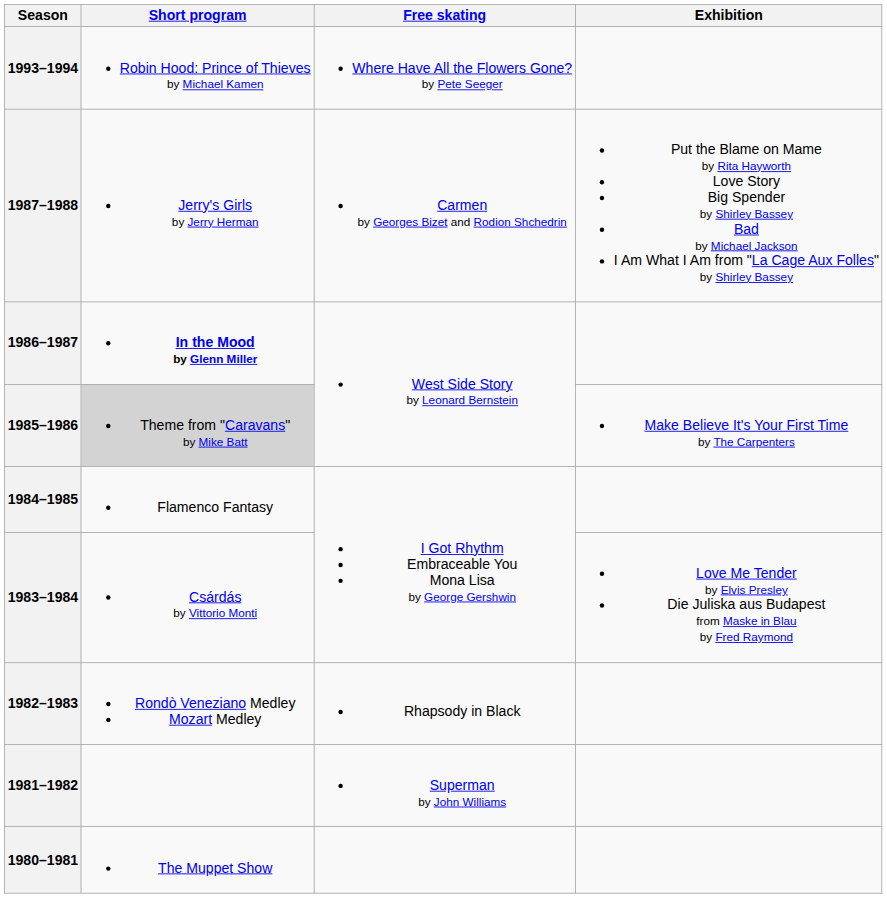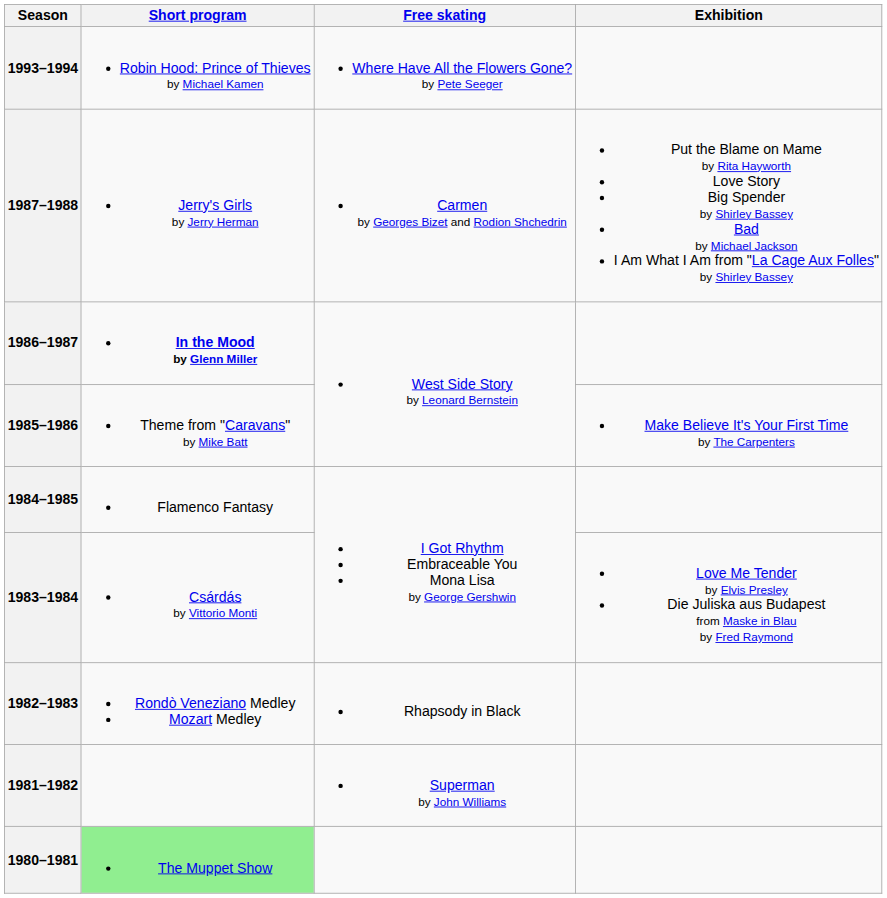 <table class="wikitable" style="text-align:center">
 <tr>
 <th>Season</th>
 <th><a href='#'>Short program</a></th>
 <th><a href='#'>Free skating</a></th>
 <th>Exhibition</th>
 </tr>
 <tr>
 <th>1993–1994</th>
 <td><br><ul><li><a href='#'>Robin Hood: Prince of Thieves</a><br><small>by <a href='#'>Michael Kamen</a></small></li></ul></td>
 <td><br><ul><li><a href='#'>Where Have All the Flowers Gone?</a><br><small>by <a href='#'>Pete Seeger</a></small></li></ul></td>
 <td></td>
 </tr>
 <tr>
 <th>1987–1988</th>
 <td><br><ul><li><a href='#'>Jerry's Girls</a><br><small>by <a href='#'>Jerry Herman</a></small></li></ul></td>
 <td><br><ul><li><a href='#'>Carmen</a><br><small>by <a href='#'>Georges Bizet</a> and <a href='#'>Rodion Shchedrin</a></small></li></ul></td>
 <td><br><ul><li>Put the Blame on Mame<br><small>by <a href='#'>Rita Hayworth</a></small></li><li>Love Story</li><li>Big Spender<br><small>by <a href='#'>Shirley Bassey</a></small></li><li><a href='#'>Bad</a><br><small>by <a href='#'>Michael Jackson</a></small></li><li>I Am What I Am from "<a href='#'>La Cage Aux Folles</a>"<br><small>by <a href='#'>Shirley Bassey</a></small></li></ul></td>
 </tr>
 <tr>
 <th>1986–1987</th>
 <td><strong><br><ul><li><a href='#'>In the Mood</a><br><small>by <a href='#'>Glenn Miller</a></small></li></ul></strong></td>
 <td rowspan=2><br><ul><li><a href='#'>West Side Story</a><br><small>by <a href='#'>Leonard Bernstein</a></small></li></ul></td>
 <td></td>
 </tr>
 <tr>
 <th>1985–1986</th>
-<td style="background: lightgrey;"><br><ul><li>Theme from "<a href='#'>Caravans</a>"<br><small>by <a href='#'>Mike Batt</a></small></li></ul></td>
+<td><br><ul><li>Theme from "<a href='#'>Caravans</a>"<br><small>by <a href='#'>Mike Batt</a></small></li></ul></td>
 <td><br><ul><li><a href='#'>Make Believe It's Your First Time</a><br><small>by <a href='#'>The Carpenters</a></small></li></ul></td>
 </tr>
 <tr>
 <th>1984–1985</th>
 <td><br><ul><li>Flamenco Fantasy</li></ul></td>
 <td rowspan=2><br><ul><li><a href='#'>I Got Rhythm</a></li><li>Embraceable You</li><li>Mona Lisa<br><small>by <a href='#'>George Gershwin</a></small></li></ul></td>
 <td></td>
 </tr>
 <tr>
 <th>1983–1984</th>
 <td><br><ul><li><a href='#'>Csárdás</a><br><small>by <a href='#'>Vittorio Monti</a></small></li></ul></td>
 <td><br><ul><li><a href='#'>Love Me Tender</a><br><small>by <a href='#'>Elvis Presley</a></small></li><li>Die Juliska aus Budapest<br><small>from <a href='#'>Maske in Blau</a></small><br><small>by <a href='#'>Fred Raymond</a></small></li></ul></td>
 </tr>
 <tr>
 <th>1982–1983</th>
 <td><br><ul><li><a href='#'>Rondò Veneziano</a> Medley</li><li><a href='#'>Mozart</a> Medley</li></ul></td>
 <td><br><ul><li>Rhapsody in Black</li></ul></td>
 <td></td>
 </tr>
 <tr>
 <th>1981–1982</th>
 <td></td>
 <td><br><ul><li><a href='#'>Superman</a><br><small>by <a href='#'>John Williams</a></small></li></ul></td>
 <td></td>
 </tr>
 <tr>
 <th>1980–1981</th>
-<td><br><ul><li><a href='#'>The Muppet Show</a></li></ul></td>
+<td style="background: lightgreen;"><br><ul><li><a href='#'>The Muppet Show</a></li></ul></td>
 <td></td>
 <td></td>
 </tr>
 </table>
